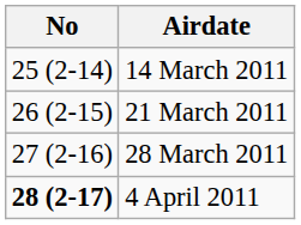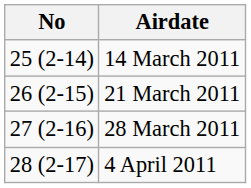 <table class="wikitable">
 <tr>
 <th>No</th>
 <th>Airdate</th>
 </tr>
 <tr>
 <td rowspan="1">25 (2-14)</td>
 <td>14 March 2011</td>
 </tr>
 <tr>
 <td rowspan="1">26 (2-15)</td>
 <td>21 March 2011</td>
 </tr>
 <tr>
 <td rowspan="1">27 (2-16)</td>
 <td>28 March 2011</td>
 </tr>
 <tr>
-<td rowspan="1"><strong>28 (2-17)</strong></td>
+<td rowspan="1">28 (2-17)</td>
 <td>4 April 2011</td>
 </tr>
 </table>
